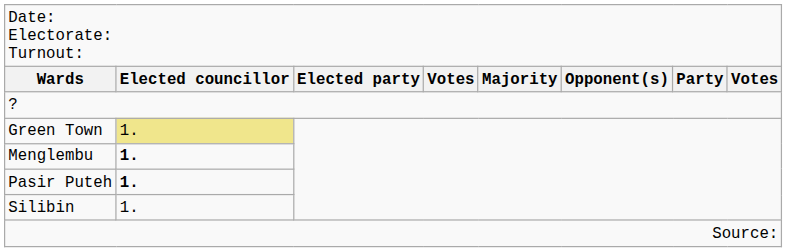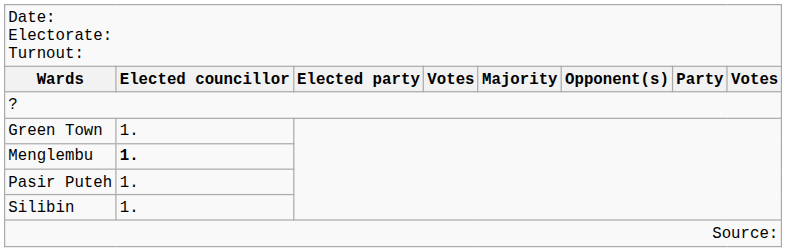 <table class=wikitable>
 <tr>
 <td colspan=8>Date: <br>Electorate: <br>Turnout:</td>
 </tr>
 <tr>
 <th>Wards</th>
 <th>Elected councillor</th>
 <th>Elected party</th>
 <th>Votes</th>
 <th>Majority</th>
 <th>Opponent(s)</th>
 <th>Party</th>
 <th>Votes</th>
 </tr>
 <tr>
 <td colspan=8>?</td>
 </tr>
 <tr>
 <td>Green Town</td>
-<td style="background: khaki;">1.</td>
+<td>1.</td>
 </tr>
 <tr>
 <td>Menglembu</td>
 <td><strong>1.</strong></td>
 </tr>
 <tr>
 <td>Pasir Puteh</td>
-<td><strong>1.</strong></td>
+<td>1.</td>
 </tr>
 <tr>
 <td>Silibin</td>
 <td>1.</td>
 </tr>
 <tr>
 <td colspan=8 align=right>Source:</td>
 </tr>
 </table>
